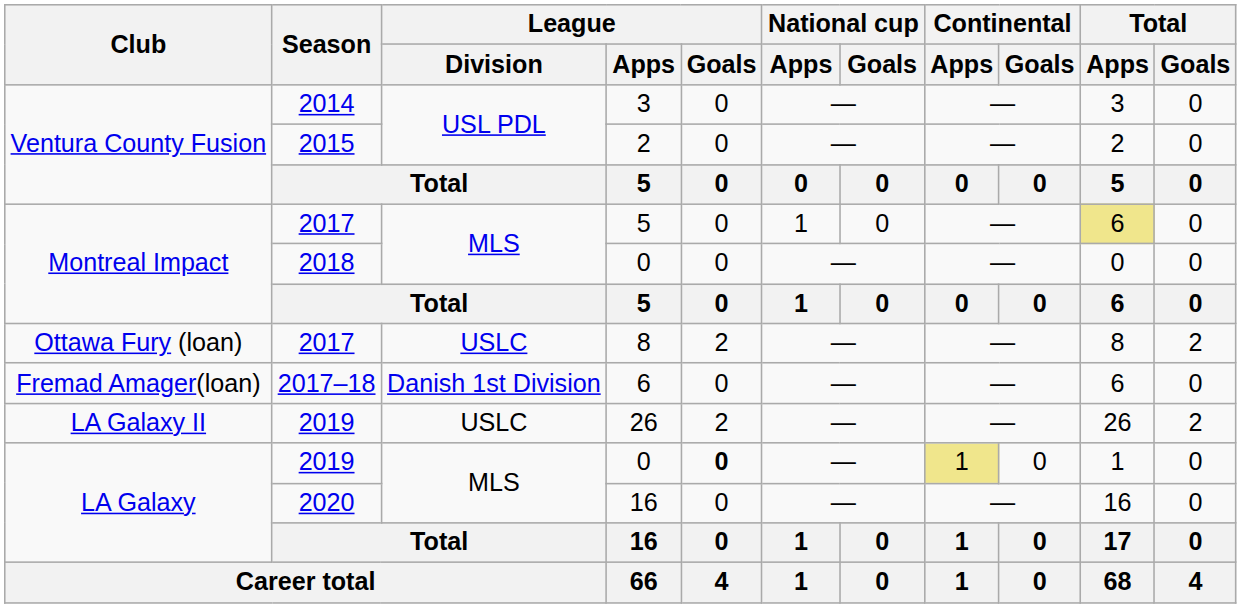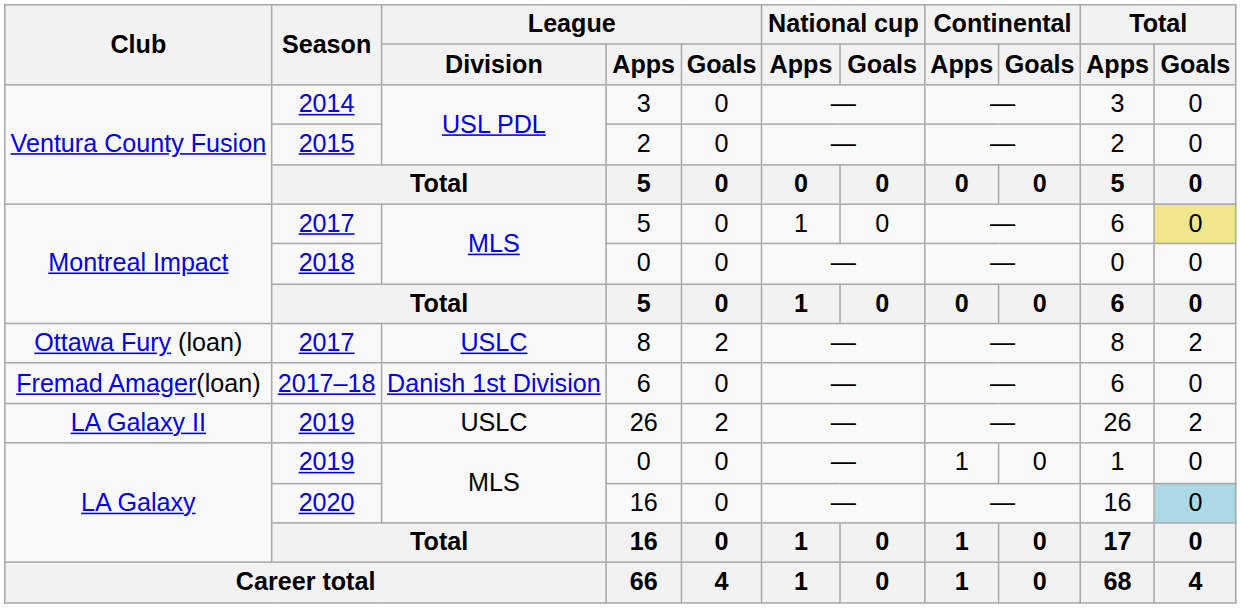 <table class="wikitable" style="text-align:center">
 <tr>
 <th rowspan="2">Club</th>
 <th rowspan="2">Season</th>
 <th colspan="3">League</th>
 <th colspan="2">National cup</th>
 <th colspan="2">Continental</th>
 <th colspan="2">Total</th>
 </tr>
 <tr>
 <th>Division</th>
 <th>Apps</th>
 <th>Goals</th>
 <th>Apps</th>
 <th>Goals</th>
 <th>Apps</th>
 <th>Goals</th>
 <th>Apps</th>
 <th>Goals</th>
 </tr>
 <tr>
 <td rowspan="3"><a href='#'>Ventura County Fusion</a></td>
 <td><a href='#'>2014</a></td>
 <td rowspan="2"><a href='#'>USL PDL</a></td>
 <td>3</td>
 <td>0</td>
 <td colspan="2">—</td>
 <td colspan="2">—</td>
 <td>3</td>
 <td>0</td>
 </tr>
 <tr>
 <td><a href='#'>2015</a></td>
 <td>2</td>
 <td>0</td>
 <td colspan="2">—</td>
 <td colspan="2">—</td>
 <td>2</td>
 <td>0</td>
 </tr>
 <tr>
 <th colspan="2">Total</th>
 <th>5</th>
 <th>0</th>
 <th>0</th>
 <th>0</th>
 <th>0</th>
 <th>0</th>
 <th>5</th>
 <th>0</th>
 </tr>
 <tr>
 <td rowspan="3"><a href='#'>Montreal Impact</a></td>
 <td><a href='#'>2017</a></td>
 <td rowspan="2"><a href='#'>MLS</a></td>
 <td>5</td>
 <td>0</td>
 <td>1</td>
 <td>0</td>
 <td colspan="2">—</td>
-<td style="background: khaki;">6</td>
-<td>0</td>
+<td>6</td>
+<td style="background: khaki;">0</td>
 </tr>
 <tr>
 <td><a href='#'>2018</a></td>
 <td>0</td>
 <td>0</td>
 <td colspan="2">—</td>
 <td colspan="2">—</td>
 <td>0</td>
 <td>0</td>
 </tr>
 <tr>
 <th colspan="2">Total</th>
 <th>5</th>
 <th>0</th>
 <th>1</th>
 <th>0</th>
 <th>0</th>
 <th>0</th>
 <th>6</th>
 <th>0</th>
 </tr>
 <tr>
 <td><a href='#'>Ottawa Fury</a> (loan)</td>
 <td><a href='#'>2017</a></td>
 <td><a href='#'>USLC</a></td>
 <td>8</td>
 <td>2</td>
 <td colspan="2">—</td>
 <td colspan="2">—</td>
 <td>8</td>
 <td>2</td>
 </tr>
 <tr>
 <td><a href='#'>Fremad Amager</a>(loan)</td>
 <td><a href='#'>2017–18</a></td>
 <td><a href='#'>Danish 1st Division</a></td>
 <td>6</td>
 <td>0</td>
 <td colspan="2">—</td>
 <td colspan="2">—</td>
 <td>6</td>
 <td>0</td>
 </tr>
 <tr>
 <td><a href='#'>LA Galaxy II</a></td>
 <td><a href='#'>2019</a></td>
 <td>USLC</td>
 <td>26</td>
 <td>2</td>
 <td colspan="2">—</td>
 <td colspan="2">—</td>
 <td>26</td>
 <td>2</td>
 </tr>
 <tr>
 <td rowspan="3"><a href='#'>LA Galaxy</a></td>
 <td><a href='#'>2019</a></td>
 <td rowspan="2">MLS</td>
 <td>0</td>
-<td><strong>0</strong></td>
+<td>0</td>
 <td colspan="2">—</td>
-<td style="background: khaki;">1</td>
+<td>1</td>
 <td>0</td>
 <td>1</td>
 <td>0</td>
 </tr>
 <tr>
 <td><a href='#'>2020</a></td>
 <td>16</td>
 <td>0</td>
 <td colspan="2">—</td>
 <td colspan="2">—</td>
 <td>16</td>
-<td>0</td>
+<td style="background: lightblue;">0</td>
 </tr>
 <tr>
 <th colspan="2">Total</th>
 <th>16</th>
 <th>0</th>
 <th>1</th>
 <th>0</th>
 <th>1</th>
 <th>0</th>
 <th>17</th>
 <th>0</th>
 </tr>
 <tr>
 <th colspan="3">Career total</th>
 <th>66</th>
 <th>4</th>
 <th>1</th>
 <th>0</th>
 <th>1</th>
 <th>0</th>
 <th>68</th>
 <th>4</th>
 </tr>
 </table>
